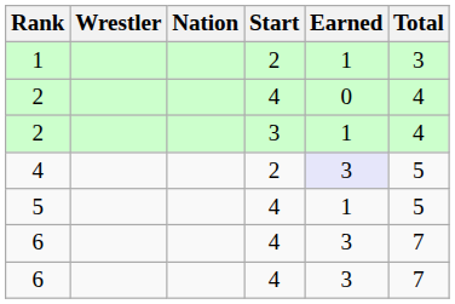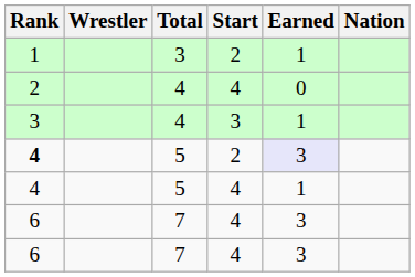 <table class="wikitable sortable" style="text-align:center;">
 <tr>
 <th>Rank</th>
 <th>Wrestler</th>
-<th>Nation</th>
+<th>Total</th>
 <th>Start</th>
 <th>Earned</th>
-<th>Total</th>
+<th>Nation</th>
 </tr>
 <tr style="background:#cfc;">
 <td>1</td>
 <td align=left></td>
-<td align=left></td>
+<td>3</td>
 <td>2</td>
 <td>1</td>
-<td>3</td>
+<td align=left></td>
 </tr>
 <tr style="background:#cfc;">
 <td>2</td>
 <td align=left></td>
+<td>4</td>
+<td>4</td>
+<td>0</td>
+<td align=left></td>
+</tr>
+<tr style="background:#cfc;">
+<td>3</td>
 <td align=left></td>
 <td>4</td>
-<td>0</td>
-<td>4</td>
-</tr>
-<tr style="background:#cfc;">
-<td>2</td>
-<td align=left></td>
-<td align=left></td>
 <td>3</td>
 <td>1</td>
-<td>4</td>
+<td align=left></td>
+</tr>
+<tr>
+<td><strong>4</strong></td>
+<td align=left></td>
+<td>5</td>
+<td>2</td>
+<td style="background: lavender;">3</td>
+<td align=left></td>
 </tr>
 <tr>
 <td>4</td>
 <td align=left></td>
-<td align=left></td>
-<td>2</td>
-<td style="background: lavender;">3</td>
 <td>5</td>
-</tr>
-<tr>
-<td>5</td>
-<td align=left></td>
-<td align=left></td>
 <td>4</td>
 <td>1</td>
-<td>5</td>
+<td align=left></td>
 </tr>
 <tr>
 <td>6</td>
 <td align=left></td>
-<td align=left></td>
+<td>7</td>
 <td>4</td>
 <td>3</td>
-<td>7</td>
+<td align=left></td>
 </tr>
 <tr>
 <td>6</td>
 <td align=left></td>
-<td align=left></td>
+<td>7</td>
 <td>4</td>
 <td>3</td>
-<td>7</td>
+<td align=left></td>
 </tr>
 </table>
